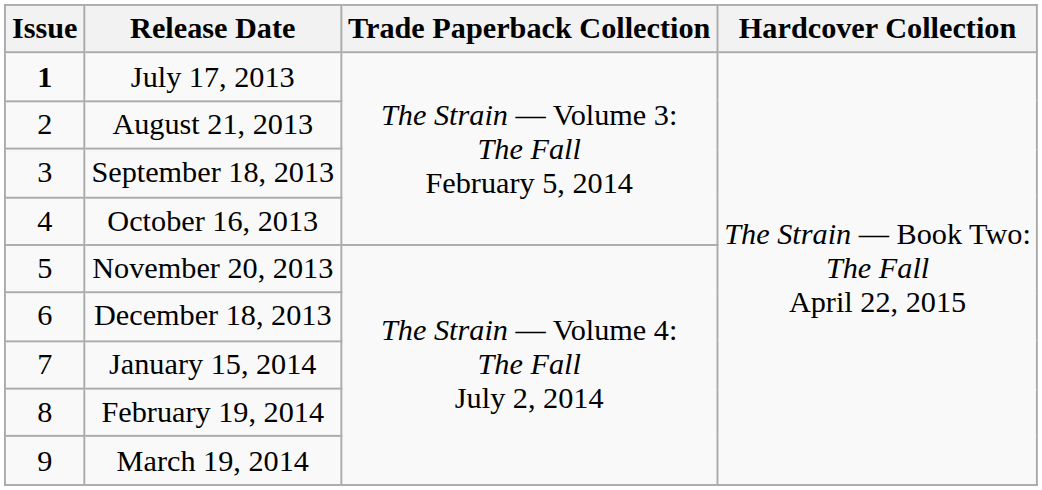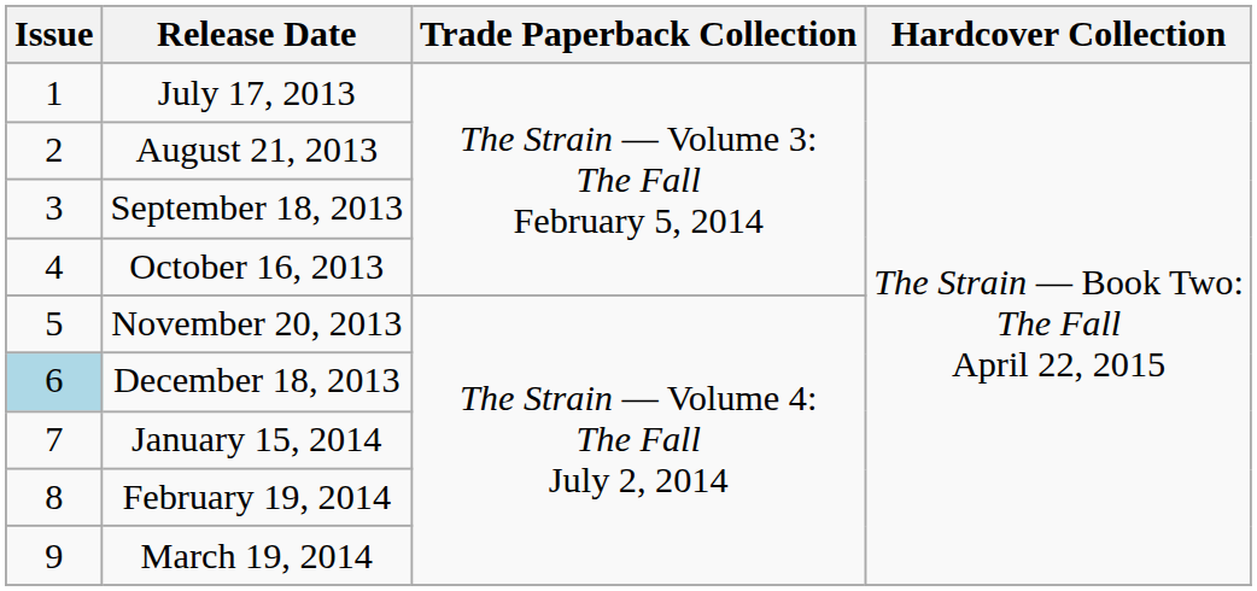 <table class="wikitable" style="text-align: center">
 <tr>
 <th>Issue</th>
 <th>Release Date</th>
 <th>Trade Paperback Collection</th>
 <th>Hardcover Collection</th>
 </tr>
 <tr>
-<td><strong>1</strong></td>
+<td>1</td>
 <td>July 17, 2013</td>
 <td rowspan=4><em>The Strain</em> — Volume 3:<br><em>The Fall</em><br>February 5, 2014<br></td>
 <td rowspan=9><em>The Strain</em> — Book Two:<br><em>The Fall</em><br>April 22, 2015<br></td>
 </tr>
 <tr>
 <td>2</td>
 <td>August 21, 2013</td>
 </tr>
 <tr>
 <td>3</td>
 <td>September 18, 2013</td>
 </tr>
 <tr>
 <td>4</td>
 <td>October 16, 2013</td>
 </tr>
 <tr>
 <td>5</td>
 <td>November 20, 2013</td>
 <td rowspan=5><em>The Strain</em> — Volume 4:<br><em>The Fall</em><br>July 2, 2014<br></td>
 </tr>
 <tr>
-<td>6</td>
+<td style="background: lightblue;">6</td>
 <td>December 18, 2013</td>
 </tr>
 <tr>
 <td>7</td>
 <td>January 15, 2014</td>
 </tr>
 <tr>
 <td>8</td>
 <td>February 19, 2014</td>
 </tr>
 <tr>
 <td>9</td>
 <td>March 19, 2014</td>
 </tr>
 </table>
